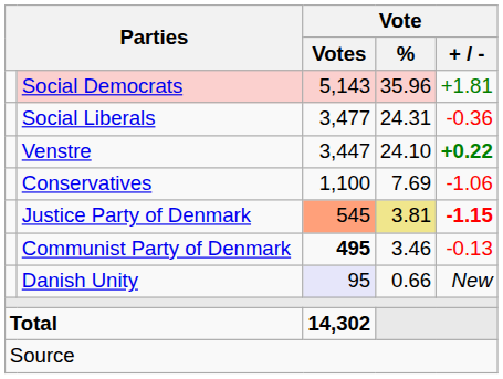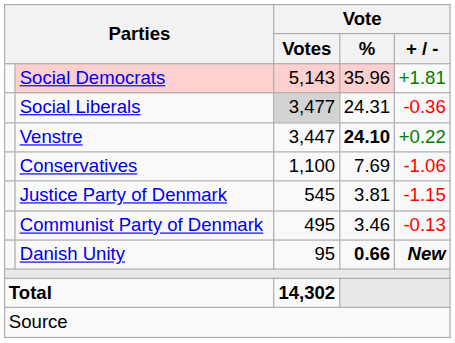 <table class="wikitable" style="text-align:right;">
 <tr>
 <th style="text-align:centre;" rowspan="2" colspan="2" width="225">Parties</th>
 <th colspan="3">Vote</th>
 </tr>
 <tr>
 <th width="15">Votes</th>
 <th width="15">%</th>
 <th width="15">+ / -</th>
 </tr>
 <tr>
 <td width="2" style="color:inherit;background:"></td>
 <td bgcolor=#fbd0ce  align="left"><a href='#'>Social Democrats</a></td>
 <td bgcolor=#fbd0ce>5,143</td>
 <td bgcolor=#fbd0ce>35.96</td>
 <td style=color:green;>+1.81</td>
 </tr>
 <tr>
 <td width="2" style="color:inherit;background:"></td>
 <td align="left"><a href='#'>Social Liberals</a></td>
-<td>3,477</td>
+<td style="background: lightgrey;">3,477</td>
 <td>24.31</td>
 <td style=color:red;>-0.36</td>
 </tr>
 <tr>
 <td width="2" style="color:inherit;background:"></td>
 <td align="left"><a href='#'>Venstre</a></td>
 <td>3,447</td>
-<td>24.10</td>
-<td style=color:green;><strong>+0.22</strong></td>
+<td><strong>24.10</strong></td>
+<td style=color:green;>+0.22</td>
 </tr>
 <tr>
 <td width="2" style="color:inherit;background:"></td>
 <td align="left"><a href='#'>Conservatives</a></td>
 <td>1,100</td>
 <td>7.69</td>
 <td style=color:red;>-1.06</td>
 </tr>
 <tr>
 <td width="2" style="color:inherit;background:"></td>
 <td align="left"><a href='#'>Justice Party of Denmark</a></td>
-<td style="background: lightsalmon;">545</td>
-<td style="background: khaki;">3.81</td>
-<td style=color:red;><strong>-1.15</strong></td>
+<td>545</td>
+<td>3.81</td>
+<td style=color:red;>-1.15</td>
 </tr>
 <tr>
 <td width="2" style="color:inherit;background:"></td>
 <td align="left"><a href='#'>Communist Party of Denmark</a></td>
-<td><strong>495</strong></td>
+<td>495</td>
 <td>3.46</td>
 <td style=color:red;>-0.13</td>
 </tr>
 <tr>
 <td width="2" style="color:inherit;background:"></td>
 <td align="left"><a href='#'>Danish Unity</a></td>
-<td style="background: lavender;">95</td>
-<td>0.66</td>
-<td><em>New</em></td>
+<td>95</td>
+<td><strong>0.66</strong></td>
+<td><strong><em>New</em></strong></td>
 </tr>
 <tr>
 <td colspan="7" bgcolor="#E9E9E9"></td>
 </tr>
 <tr>
 <td align="left" colspan="2"><strong>Total</strong></td>
 <td><strong>14,302</strong></td>
 <td bgcolor="#E9E9E9" colspan="2"></td>
 </tr>
 <tr>
 <td align="left" colspan="6">Source</td>
 </tr>
 </table>
